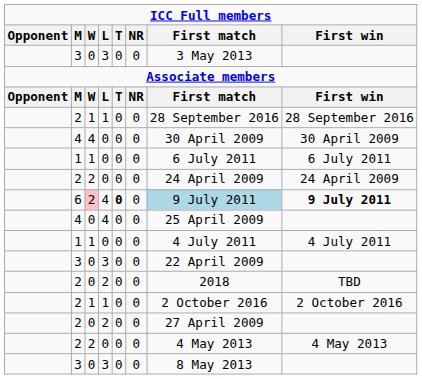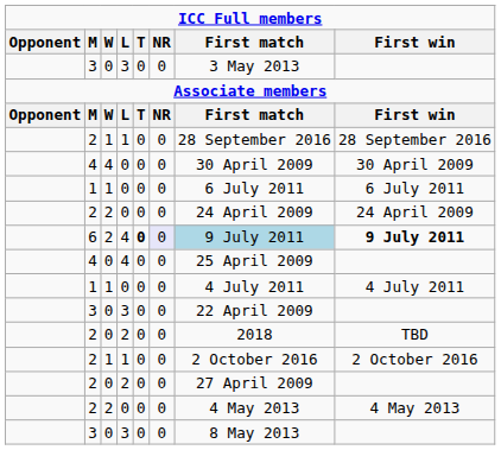 <table class="wikitable" style="text-align: center;">
 <tr>
 </tr>
 <tr>
 <td colspan="30" style="text-align: center;"><strong><a href='#'>ICC Full members</a></strong></td>
 </tr>
 <tr>
 <th>Opponent</th>
 <th>M</th>
 <th>W</th>
 <th>L</th>
 <th>T</th>
 <th>NR</th>
 <th>First match</th>
 <th>First win</th>
 </tr>
 <tr>
 <td></td>
 <td>3</td>
 <td>0</td>
 <td>3</td>
 <td>0</td>
 <td>0</td>
 <td>3 May 2013</td>
 <td></td>
 </tr>
 <tr>
 <td colspan="30" style="text-align: center;"><strong><a href='#'>Associate members</a></strong></td>
 </tr>
 <tr>
 <th>Opponent</th>
 <th>M</th>
 <th>W</th>
 <th>L</th>
 <th>T</th>
 <th>NR</th>
 <th>First match</th>
 <th>First win</th>
 </tr>
 <tr>
 <td></td>
 <td>2</td>
 <td>1</td>
 <td>1</td>
 <td>0</td>
 <td>0</td>
 <td>28 September 2016</td>
 <td>28 September 2016</td>
 </tr>
 <tr>
 <td></td>
 <td>4</td>
 <td>4</td>
 <td>0</td>
 <td>0</td>
 <td>0</td>
 <td>30 April 2009</td>
 <td>30 April 2009</td>
 </tr>
 <tr>
 <td></td>
 <td>1</td>
 <td>1</td>
 <td>0</td>
 <td>0</td>
 <td>0</td>
 <td>6 July 2011</td>
 <td>6 July 2011</td>
 </tr>
 <tr>
 <td></td>
 <td>2</td>
 <td>2</td>
 <td>0</td>
 <td>0</td>
 <td>0</td>
 <td>24 April 2009</td>
 <td>24 April 2009</td>
 </tr>
 <tr>
 <td></td>
 <td>6</td>
-<td style="background: pink;">2</td>
+<td>2</td>
 <td>4</td>
 <td><strong>0</strong></td>
-<td>0</td>
+<td style="background: lavender;">0</td>
 <td style="background: lightblue;">9 July 2011</td>
 <td><strong>9 July 2011</strong></td>
 </tr>
 <tr>
 <td></td>
 <td>4</td>
 <td>0</td>
 <td>4</td>
 <td>0</td>
 <td>0</td>
 <td>25 April 2009</td>
 <td></td>
 </tr>
 <tr>
 <td></td>
 <td>1</td>
 <td>1</td>
 <td>0</td>
 <td>0</td>
 <td>0</td>
 <td>4 July 2011</td>
 <td>4 July 2011</td>
 </tr>
 <tr>
 <td></td>
 <td>3</td>
 <td>0</td>
 <td>3</td>
 <td>0</td>
 <td>0</td>
 <td>22 April 2009</td>
 <td></td>
 </tr>
 <tr>
 <td></td>
 <td>2</td>
 <td>0</td>
 <td>2</td>
 <td>0</td>
 <td>0</td>
 <td>2018</td>
 <td>TBD</td>
 </tr>
 <tr>
 <td></td>
 <td>2</td>
 <td>1</td>
 <td>1</td>
 <td>0</td>
 <td>0</td>
 <td>2 October 2016</td>
 <td>2 October 2016</td>
 </tr>
 <tr>
 <td></td>
 <td>2</td>
 <td>0</td>
 <td>2</td>
 <td>0</td>
 <td>0</td>
 <td>27 April 2009</td>
 <td></td>
 </tr>
 <tr>
 <td></td>
 <td>2</td>
 <td>2</td>
 <td>0</td>
 <td>0</td>
 <td>0</td>
 <td>4 May 2013</td>
 <td>4 May 2013</td>
 </tr>
 <tr>
 <td></td>
 <td>3</td>
 <td>0</td>
 <td>3</td>
 <td>0</td>
 <td>0</td>
 <td>8 May 2013</td>
 <td></td>
 </tr>
 </table>
